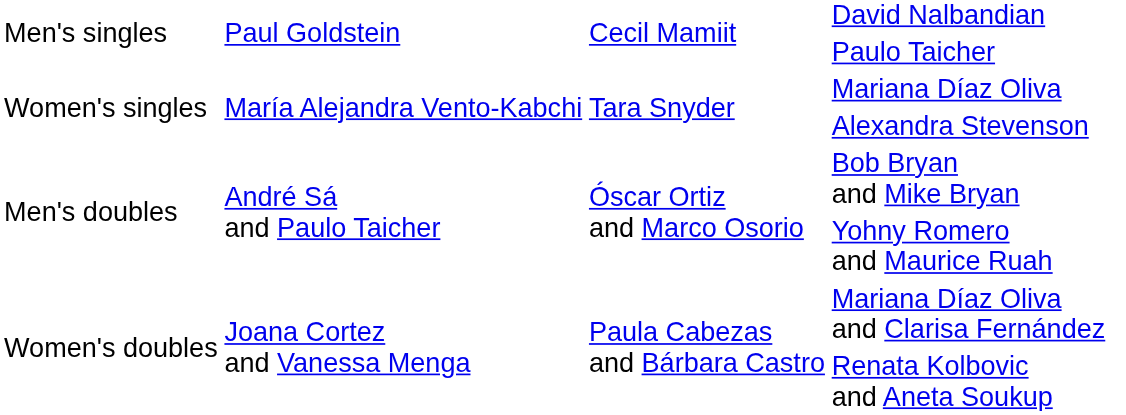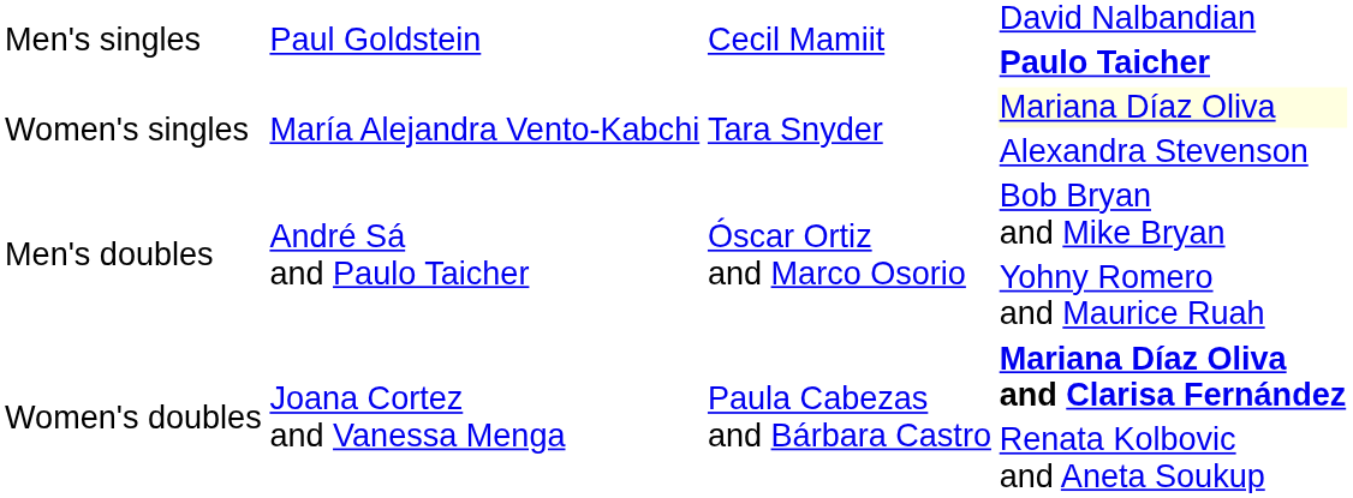 <table>
 <tr>
 <td rowspan=2>Men's singles<br></td>
 <td rowspan=2> <a href='#'>Paul Goldstein</a></td>
 <td rowspan=2> <a href='#'>Cecil Mamiit</a></td>
 <td> <a href='#'>David Nalbandian</a></td>
 </tr>
 <tr>
-<td> <a href='#'>Paulo Taicher</a></td>
+<td><strong> <a href='#'>Paulo Taicher</a></strong></td>
 </tr>
 <tr>
 <td rowspan=2>Women's singles<br></td>
 <td rowspan=2> <a href='#'>María Alejandra Vento-Kabchi</a></td>
 <td rowspan=2> <a href='#'>Tara Snyder</a></td>
-<td> <a href='#'>Mariana Díaz Oliva</a></td>
+<td style="background: lightyellow;"> <a href='#'>Mariana Díaz Oliva</a></td>
 </tr>
 <tr>
 <td> <a href='#'>Alexandra Stevenson</a></td>
 </tr>
 <tr>
 <td rowspan=2>Men's doubles<br></td>
 <td rowspan=2> <a href='#'>André Sá</a><br>and <a href='#'>Paulo Taicher</a></td>
 <td rowspan=2> <a href='#'>Óscar Ortiz</a><br>and <a href='#'>Marco Osorio</a></td>
 <td> <a href='#'>Bob Bryan</a><br>and <a href='#'>Mike Bryan</a></td>
 </tr>
 <tr>
 <td> <a href='#'>Yohny Romero</a><br>and <a href='#'>Maurice Ruah</a></td>
 </tr>
 <tr>
 <td rowspan=2>Women's doubles<br></td>
 <td rowspan=2> <a href='#'>Joana Cortez</a><br>and <a href='#'>Vanessa Menga</a></td>
 <td rowspan=2> <a href='#'>Paula Cabezas</a><br>and <a href='#'>Bárbara Castro</a></td>
-<td> <a href='#'>Mariana Díaz Oliva</a><br>and <a href='#'>Clarisa Fernández</a></td>
+<td><strong> <a href='#'>Mariana Díaz Oliva</a><br>and <a href='#'>Clarisa Fernández</a></strong></td>
 </tr>
 <tr>
 <td> <a href='#'>Renata Kolbovic</a><br>and <a href='#'>Aneta Soukup</a></td>
 </tr>
 </table>
